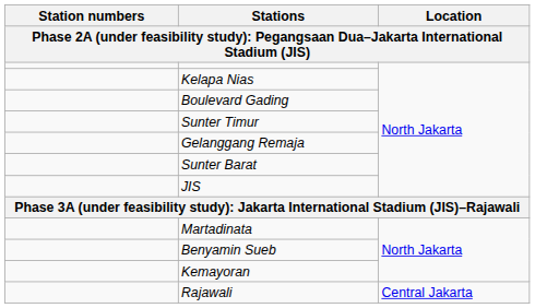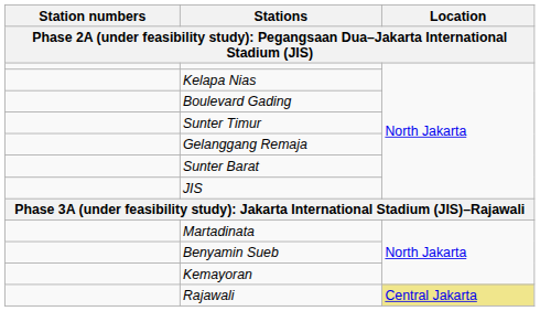 <table class="wikitable" style="margin-left: 1em; margin-bottom: 1em; border-collapse: collapse; font-size: 95%">
 <tr>
 <th>Station numbers</th>
 <th> Stations</th>
 <th>Location</th>
 </tr>
 <tr>
 <th colspan="3"><strong>Phase 2A (under feasibility study): Pegangsaan Dua–Jakarta International Stadium (JIS)</strong></th>
 </tr>
 <tr>
 <td></td>
 <td></td>
 <td rowspan="7"><a href='#'>North Jakarta</a></td>
 </tr>
 <tr>
 <td></td>
 <td><em>Kelapa Nias</em></td>
 </tr>
 <tr>
 <td></td>
 <td><em>Boulevard Gading</em></td>
 </tr>
 <tr>
 <td></td>
 <td><em>Sunter Timur</em></td>
 </tr>
 <tr>
 <td></td>
 <td><em>Gelanggang Remaja</em></td>
 </tr>
 <tr>
 <td></td>
 <td><em>Sunter Barat</em></td>
 </tr>
 <tr>
 <td></td>
 <td><em>JIS</em></td>
 </tr>
 <tr>
 <th colspan="6"><strong>Phase 3A (under feasibility study): Jakarta International Stadium (JIS)–Rajawali</strong></th>
 </tr>
 <tr>
 <td></td>
 <td><em>Martadinata</em></td>
 <td rowspan="3"><a href='#'>North Jakarta</a></td>
 </tr>
 <tr>
 <td></td>
 <td><em>Benyamin Sueb</em></td>
 </tr>
 <tr>
 <td></td>
 <td><em>Kemayoran</em></td>
 </tr>
 <tr>
 <td></td>
 <td><em>Rajawali</em></td>
-<td><a href='#'>Central Jakarta</a></td>
+<td style="background: khaki;"><a href='#'>Central Jakarta</a></td>
 </tr>
 </table>
